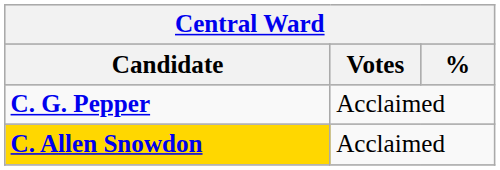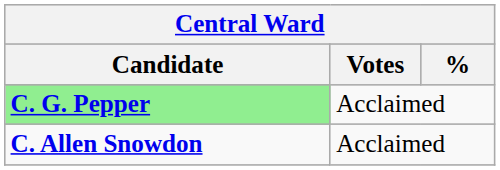 <table class="wikitable">
 <tr>
 <th colspan="3"><a href='#'>Central Ward</a></th>
 </tr>
 <tr>
 <th style="width: 200px">Candidate</th>
 <th style="width: 50px">Votes</th>
 <th style="width: 40px">%</th>
 </tr>
 <tr>
-<td><strong><a href='#'>C. G. Pepper</a></strong></td>
+<td style="background: lightgreen;"><strong><a href='#'>C. G. Pepper</a></strong></td>
 <td colspan="2">Acclaimed</td>
 </tr>
 <tr>
-<td style="background: gold;"><strong><a href='#'>C. Allen Snowdon</a></strong></td>
+<td><strong><a href='#'>C. Allen Snowdon</a></strong></td>
 <td colspan="2">Acclaimed</td>
 </tr>
 </table>
